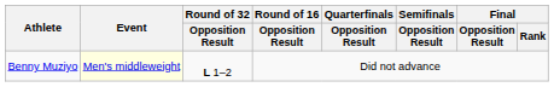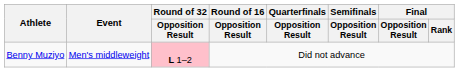 <table class="wikitable" style="font-size:90%">
 <tr>
 <th rowspan=2>Athlete</th>
 <th rowspan=2>Event</th>
 <th>Round of 32</th>
 <th>Round of 16</th>
 <th>Quarterfinals</th>
 <th>Semifinals</th>
 <th colspan=2>Final</th>
 </tr>
 <tr style="font-size:95%">
 <th>Opposition<br>Result</th>
 <th>Opposition<br>Result</th>
 <th>Opposition<br>Result</th>
 <th>Opposition<br>Result</th>
 <th>Opposition<br>Result</th>
 <th>Rank</th>
 </tr>
 <tr align=center>
 <td align=left><a href='#'>Benny Muziyo</a></td>
-<td align=left style="background: lightyellow;"><a href='#'>Men's middleweight</a></td>
-<td><br><strong>L</strong> 1–2</td>
+<td align=left><a href='#'>Men's middleweight</a></td>
+<td style="background: pink;"><br><strong>L</strong> 1–2</td>
 <td colspan=5>Did not advance</td>
 </tr>
 </table>
